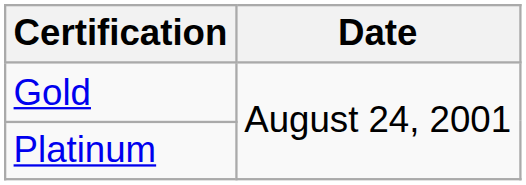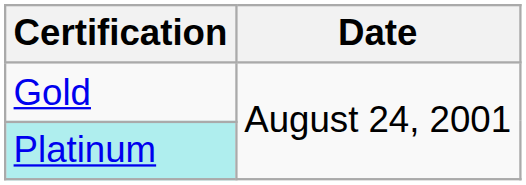 <table class="wikitable">
 <tr>
 <th>Certification</th>
 <th>Date</th>
 </tr>
 <tr>
 <td><a href='#'>Gold</a></td>
 <td rowspan="2">August 24, 2001</td>
 </tr>
 <tr>
-<td><a href='#'>Platinum</a></td>
+<td style="background: paleturquoise;"><a href='#'>Platinum</a></td>
 </tr>
 </table>
